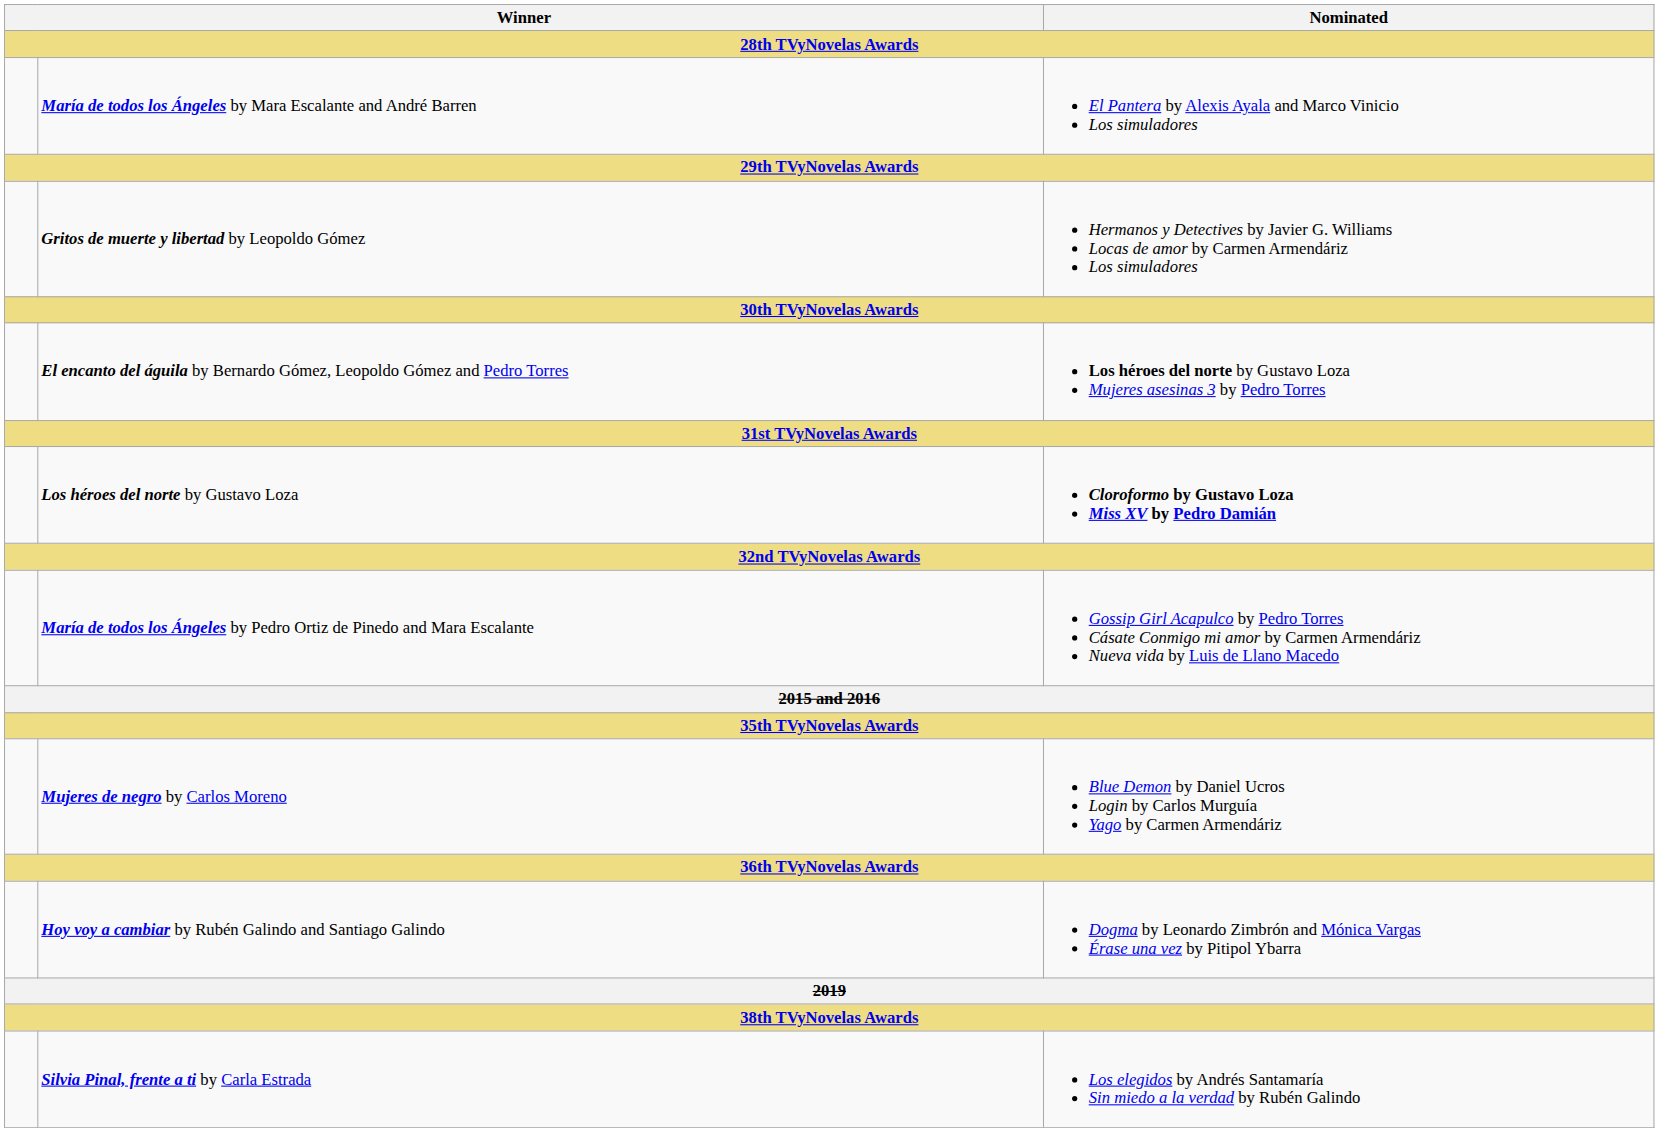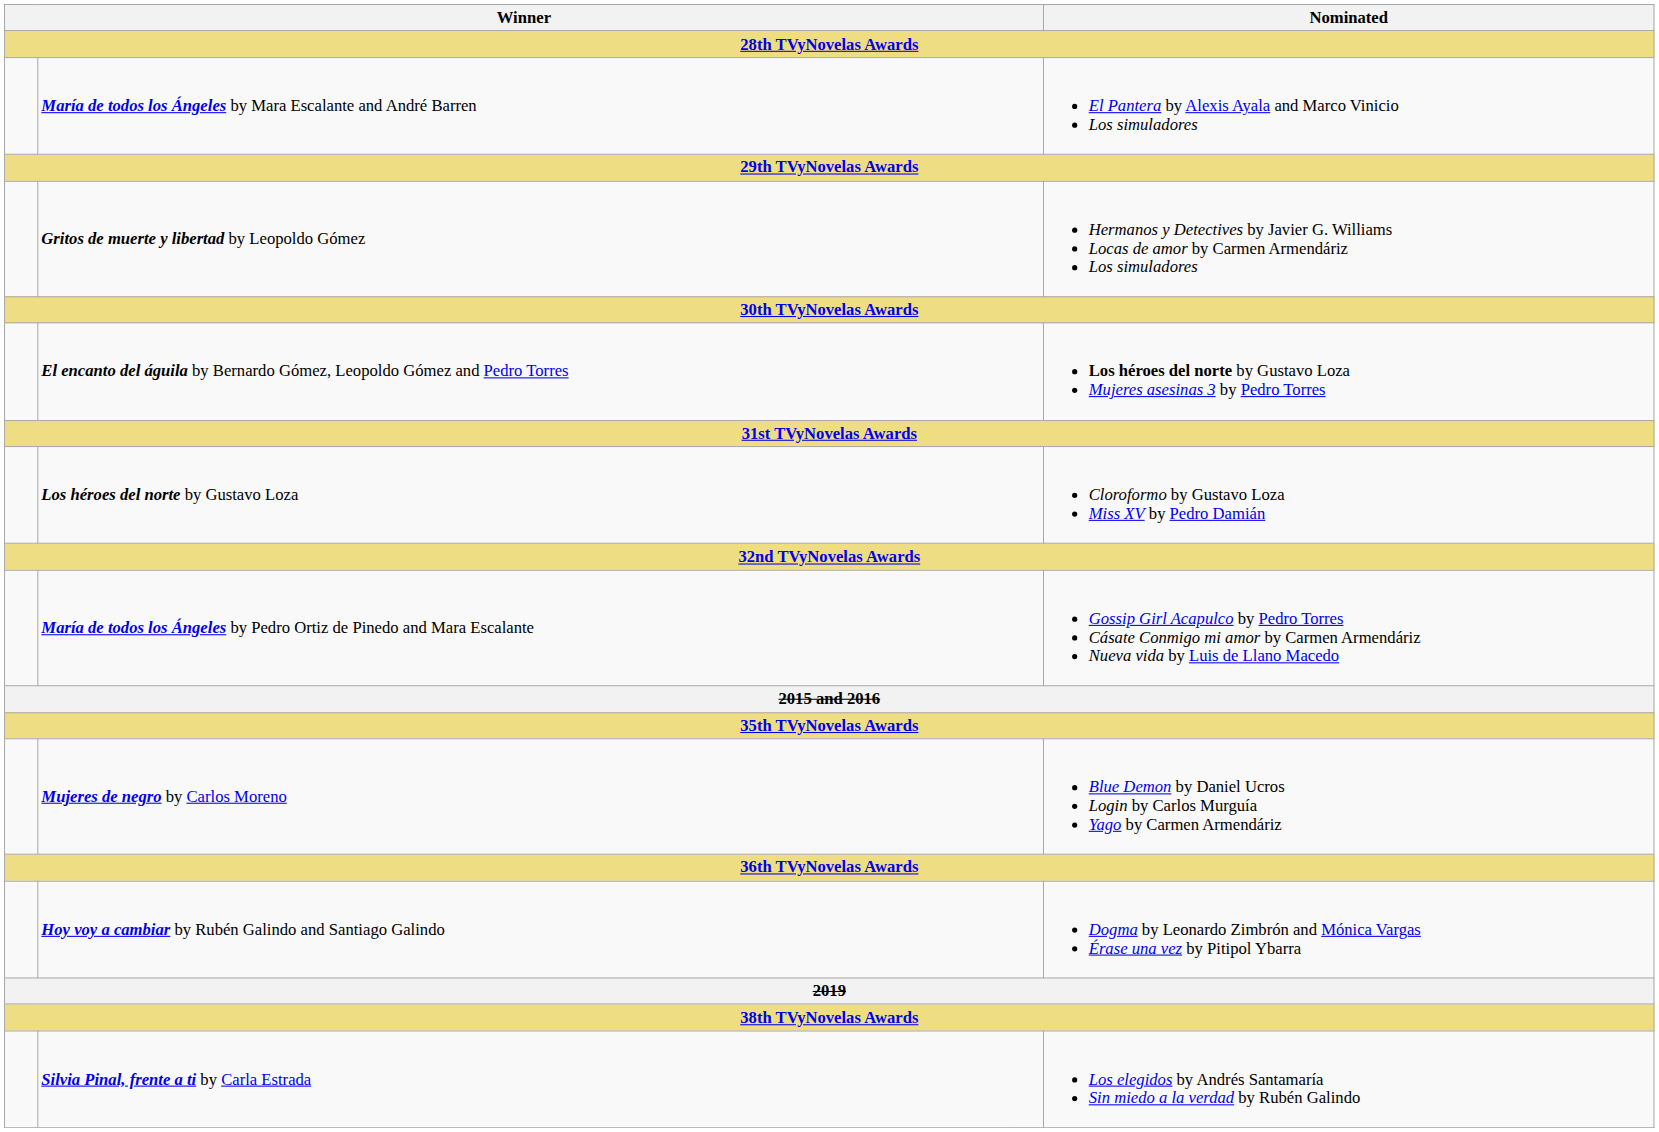 <table class="wikitable" width=80%>
 <tr align=center>
 <th width="150px;" colspan=2; align="center">Winner</th>
 <th width="580px;" align="center">Nominated</th>
 </tr>
 <tr>
 <th colspan=9 style="background:#EEDD82;"  align="center"><strong><a href='#'>28th TVyNovelas Awards</a></strong></th>
 </tr>
 <tr>
 <td width=2%></td>
 <td><strong><em><a href='#'>María de todos los Ángeles</a></em></strong> by Mara Escalante and André Barren</td>
 <td><br><ul><li><em><a href='#'>El Pantera</a></em> by <a href='#'>Alexis Ayala</a> and Marco Vinicio</li><li><em>Los simuladores</em></li></ul></td>
 </tr>
 <tr>
 <th colspan=9 style="background:#EEDD82;"  align="center"><strong><a href='#'>29th TVyNovelas Awards</a></strong></th>
 </tr>
 <tr>
 <td width=2%></td>
 <td><strong><em>Gritos de muerte y libertad</em></strong> by Leopoldo Gómez</td>
 <td><br><ul><li><em>Hermanos y Detectives</em> by Javier G. Williams</li><li><em>Locas de amor</em> by Carmen Armendáriz</li><li><em>Los simuladores</em></li></ul></td>
 </tr>
 <tr>
 <th colspan=9 style="background:#EEDD82;"  align="center"><strong><a href='#'>30th TVyNovelas Awards</a></strong></th>
 </tr>
 <tr>
 <td width=2%></td>
 <td><strong><em>El encanto del águila</em></strong> by Bernardo Gómez, Leopoldo Gómez and <a href='#'>Pedro Torres</a></td>
 <td><br><ul><li><strong>Los héroes del norte</strong> by Gustavo Loza</li><li><em><a href='#'>Mujeres asesinas 3</a></em> by <a href='#'>Pedro Torres</a></li></ul></td>
 </tr>
 <tr>
 <th colspan=9 style="background:#EEDD82;"  align="center"><strong><a href='#'>31st TVyNovelas Awards</a></strong></th>
 </tr>
 <tr>
 <td width=2%></td>
 <td><strong><em>Los héroes del norte</em></strong> by Gustavo Loza</td>
-<td><strong><br><ul><li><em>Cloroformo</em> by Gustavo Loza</li><li><em><a href='#'>Miss XV</a></em> by <a href='#'>Pedro Damián</a></li></ul></strong></td>
+<td><br><ul><li><em>Cloroformo</em> by Gustavo Loza</li><li><em><a href='#'>Miss XV</a></em> by <a href='#'>Pedro Damián</a></li></ul></td>
 </tr>
 <tr>
 <th colspan=9 style="background:#EEDD82;"  align="center"><strong><a href='#'>32nd TVyNovelas Awards</a></strong></th>
 </tr>
 <tr>
 <td width=2%></td>
 <td><strong><em><a href='#'>María de todos los Ángeles</a></em></strong> by Pedro Ortiz de Pinedo and Mara Escalante</td>
 <td><br><ul><li><em><a href='#'>Gossip Girl Acapulco</a></em> by <a href='#'>Pedro Torres</a></li><li><em>Cásate Conmigo mi amor</em> by Carmen Armendáriz</li><li><em>Nueva vida</em> by <a href='#'>Luis de Llano Macedo</a></li></ul></td>
 </tr>
 <tr>
 <th colspan=9  align="center"><s>2015 and 2016</s></th>
 </tr>
 <tr>
 <th colspan=9 style="background:#EEDD82;"  align="center"><strong><a href='#'>35th TVyNovelas Awards</a></strong></th>
 </tr>
 <tr>
 <td width=2%></td>
 <td><strong><em><a href='#'>Mujeres de negro</a></em></strong> by <a href='#'>Carlos Moreno</a></td>
 <td><br><ul><li><em><a href='#'>Blue Demon</a></em> by Daniel Ucros</li><li><em>Login</em> by Carlos Murguía</li><li><em><a href='#'>Yago</a></em> by Carmen Armendáriz</li></ul></td>
 </tr>
 <tr>
 <th colspan=9 style="background:#EEDD82;"  align="center"><strong><a href='#'>36th TVyNovelas Awards</a></strong></th>
 </tr>
 <tr>
 <td width=2%></td>
 <td><strong><em><a href='#'>Hoy voy a cambiar</a></em></strong> by Rubén Galindo and Santiago Galindo</td>
 <td><br><ul><li><em><a href='#'>Dogma</a></em> by Leonardo Zimbrón and <a href='#'>Mónica Vargas</a></li><li><em><a href='#'>Érase una vez</a></em> by Pitipol Ybarra</li></ul></td>
 </tr>
 <tr>
 <th colspan=9  align="center"><s>2019</s></th>
 </tr>
 <tr>
 <th colspan=9 style="background:#EEDD82;"  align="center"><strong><a href='#'>38th TVyNovelas Awards</a></strong></th>
 </tr>
 <tr>
 <td width=2%></td>
 <td><strong><em><a href='#'>Silvia Pinal, frente a ti</a></em></strong> by <a href='#'>Carla Estrada</a></td>
 <td><br><ul><li><em><a href='#'>Los elegidos</a></em> by Andrés Santamaría</li><li><em><a href='#'>Sin miedo a la verdad</a></em> by Rubén Galindo</li></ul></td>
 </tr>
 </table>
